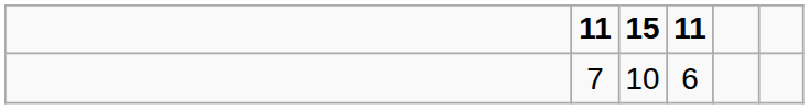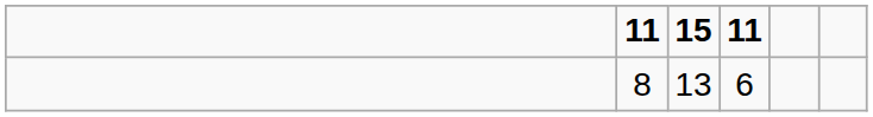 <table class="wikitable">
 <tr>
 <td style="width:18em"></td>
 <td align=center style="width:1em"><strong>11</strong></td>
 <td align=center style="width:1em"><strong>15</strong></td>
 <td align=center style="width:1em"><strong>11</strong></td>
 <td align=center style="width:1em"></td>
 <td align=center style="width:1em"></td>
 </tr>
 <tr>
 <td style="width:18em"></td>
-<td align=center style="width:1em">7</td>
-<td align=center style="width:1em">10</td>
+<td align=center style="width:1em">8</td>
+<td align=center style="width:1em">13</td>
 <td align=center style="width:1em">6</td>
 <td align=center style="width:1em"></td>
 <td align=center style="width:1em"></td>
 </tr>
 </table>
